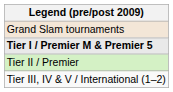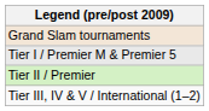 <table class="wikitable" style="font-size:90%;">
 <tr>
 <th>Legend (pre/post 2009)</th>
 </tr>
 <tr>
 <td style="background:#f3e6d7;">Grand Slam tournaments</td>
 </tr>
 <tr>
-<td style="background:#e9e9e9;"><strong>Tier I / Premier M & Premier 5</strong></td>
+<td style="background:#e9e9e9;">Tier I / Premier M & Premier 5</td>
 </tr>
 <tr>
 <td style="background:#d4f1c5;">Tier II / Premier</td>
 </tr>
 <tr>
 <td>Tier III, IV & V / International (1–2)</td>
 </tr>
 </table>
